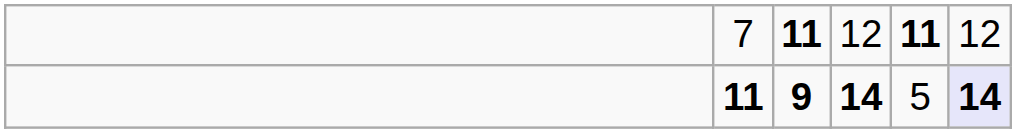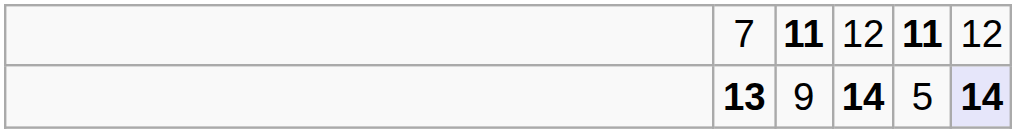 <table class="wikitable">
 <tr>
 <td style="width:18em"></td>
 <td align=center style="width:1em">7</td>
 <td align=center style="width:1em"><strong>11</strong></td>
 <td align=center style="width:1em">12</td>
 <td align=center style="width:1em"><strong>11</strong></td>
 <td align=center style="width:1em">12</td>
 </tr>
 <tr>
 <td style="width:18em"></td>
-<td align=center style="width:1em"><strong>11</strong></td>
-<td align=center style="width:1em"><strong>9</strong></td>
+<td align=center style="width:1em"><strong>13</strong></td>
+<td align=center style="width:1em">9</td>
 <td align=center style="width:1em"><strong>14</strong></td>
 <td align=center style="width:1em">5</td>
 <td align=center style="background: lavender; width:1em"><strong>14</strong></td>
 </tr>
 </table>
